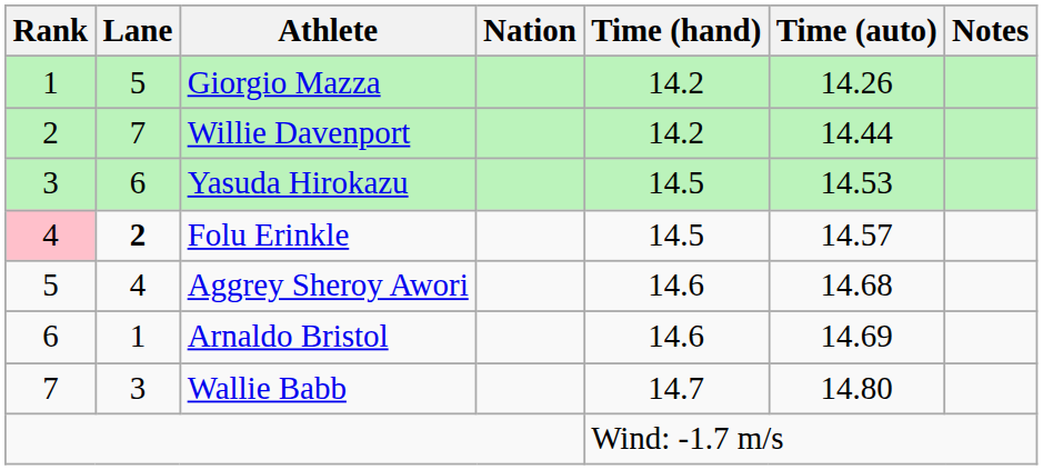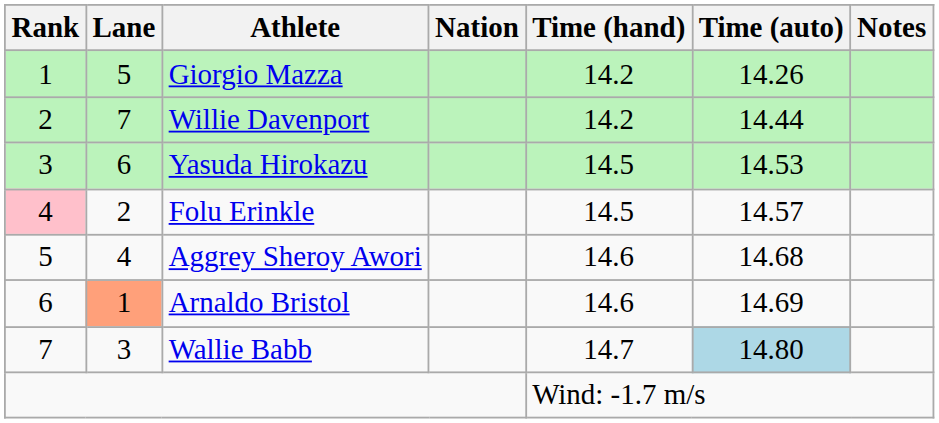 <table class="wikitable sortable" style="text-align:center">
 <tr>
 <th>Rank</th>
 <th>Lane</th>
 <th>Athlete</th>
 <th>Nation</th>
 <th>Time (hand)</th>
 <th>Time (auto)</th>
 <th>Notes</th>
 </tr>
 <tr bgcolor=bbf3bb>
 <td>1</td>
 <td>5</td>
 <td align=left><a href='#'>Giorgio Mazza</a></td>
 <td align=left></td>
 <td>14.2</td>
 <td>14.26</td>
 <td></td>
 </tr>
 <tr bgcolor=bbf3bb>
 <td>2</td>
 <td>7</td>
 <td align=left><a href='#'>Willie Davenport</a></td>
 <td align=left></td>
 <td>14.2</td>
 <td>14.44</td>
 <td></td>
 </tr>
 <tr bgcolor=bbf3bb>
 <td>3</td>
 <td>6</td>
 <td align=left><a href='#'>Yasuda Hirokazu</a></td>
 <td align=left></td>
 <td>14.5</td>
 <td>14.53</td>
 <td></td>
 </tr>
 <tr>
 <td style="background: pink;">4</td>
-<td><strong>2</strong></td>
+<td>2</td>
 <td align=left><a href='#'>Folu Erinkle</a></td>
 <td align=left></td>
 <td>14.5</td>
 <td>14.57</td>
 <td></td>
 </tr>
 <tr>
 <td>5</td>
 <td>4</td>
 <td align=left><a href='#'>Aggrey Sheroy Awori</a></td>
 <td align=left></td>
 <td>14.6</td>
 <td>14.68</td>
 <td></td>
 </tr>
 <tr>
 <td>6</td>
-<td>1</td>
+<td style="background: lightsalmon;">1</td>
 <td align=left><a href='#'>Arnaldo Bristol</a></td>
 <td align=left></td>
 <td>14.6</td>
 <td>14.69</td>
 <td></td>
 </tr>
 <tr>
 <td>7</td>
 <td>3</td>
 <td align=left><a href='#'>Wallie Babb</a></td>
 <td align=left></td>
 <td>14.7</td>
-<td>14.80</td>
+<td style="background: lightblue;">14.80</td>
 <td></td>
 </tr>
 <tr class="sortbottom">
 <td colspan=4></td>
 <td colspan="3" style="text-align:left;">Wind: -1.7 m/s</td>
 </tr>
 </table>
